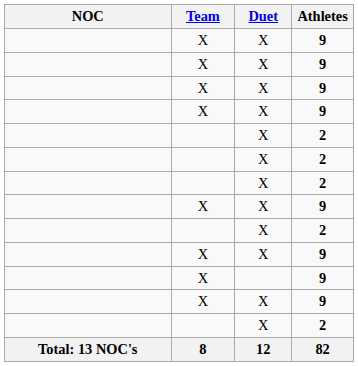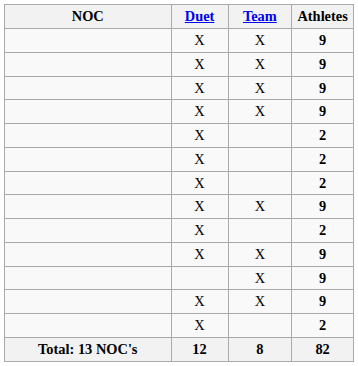 <table class="wikitable sortable" width=350 style="text-align:center; font-size:90%">
 <tr>
 <th>NOC</th>
+<th><a href='#'>Duet</a></th>
 <th><a href='#'>Team</a></th>
-<th><a href='#'>Duet</a></th>
 <th width=55>Athletes</th>
 </tr>
 <tr>
 <td align=left></td>
 <td>X</td>
 <td>X</td>
 <td><strong>9</strong></td>
 </tr>
 <tr>
 <td align=left></td>
 <td>X</td>
 <td>X</td>
 <td><strong>9</strong></td>
 </tr>
 <tr>
 <td align=left></td>
 <td>X</td>
 <td>X</td>
 <td><strong>9</strong></td>
 </tr>
 <tr>
 <td align=left></td>
 <td>X</td>
 <td>X</td>
 <td><strong>9</strong></td>
 </tr>
 <tr>
 <td align=left></td>
+<td>X</td>
 <td></td>
-<td>X</td>
 <td><strong>2</strong></td>
 </tr>
 <tr>
 <td align=left></td>
+<td>X</td>
 <td></td>
-<td>X</td>
 <td><strong>2</strong></td>
 </tr>
 <tr>
 <td align=left></td>
+<td>X</td>
 <td></td>
+<td><strong>2</strong></td>
+</tr>
+<tr>
+<td align=left></td>
 <td>X</td>
+<td>X</td>
+<td><strong>9</strong></td>
+</tr>
+<tr>
+<td align=left></td>
+<td>X</td>
+<td></td>
 <td><strong>2</strong></td>
 </tr>
 <tr>
 <td align=left></td>
 <td>X</td>
 <td>X</td>
 <td><strong>9</strong></td>
 </tr>
 <tr>
 <td align=left></td>
 <td></td>
 <td>X</td>
-<td><strong>2</strong></td>
+<td><strong>9</strong></td>
 </tr>
 <tr>
 <td align=left></td>
 <td>X</td>
 <td>X</td>
 <td><strong>9</strong></td>
 </tr>
 <tr>
 <td align=left></td>
 <td>X</td>
 <td></td>
-<td><strong>9</strong></td>
-</tr>
-<tr>
-<td align=left></td>
-<td>X</td>
-<td>X</td>
-<td><strong>9</strong></td>
-</tr>
-<tr>
-<td align=left></td>
-<td></td>
-<td>X</td>
 <td><strong>2</strong></td>
 </tr>
 <tr>
 <th>Total: 13 NOC's</th>
+<th>12</th>
 <th>8</th>
-<th>12</th>
 <th>82</th>
 </tr>
 </table>
